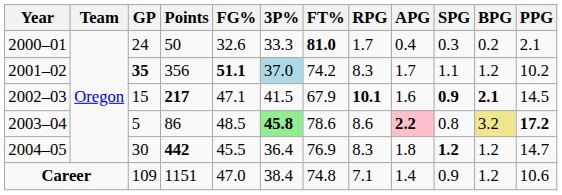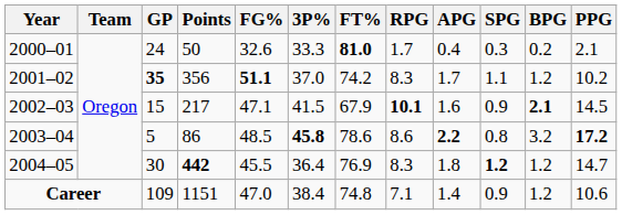 <table class="wikitable sortable">
 <tr>
 <th>Year</th>
 <th>Team</th>
 <th>GP</th>
 <th>Points</th>
 <th>FG%</th>
 <th>3P%</th>
 <th>FT%</th>
 <th>RPG</th>
 <th>APG</th>
 <th>SPG</th>
 <th>BPG</th>
 <th>PPG</th>
 </tr>
 <tr>
 <td>2000–01</td>
 <td rowspan=5><a href='#'>Oregon</a></td>
 <td>24</td>
 <td>50</td>
 <td>32.6</td>
 <td>33.3</td>
 <td><strong>81.0</strong></td>
 <td>1.7</td>
 <td>0.4</td>
 <td>0.3</td>
 <td>0.2</td>
 <td>2.1</td>
 </tr>
 <tr>
 <td>2001–02</td>
 <td><strong>35</strong></td>
 <td>356</td>
 <td><strong>51.1</strong></td>
-<td style="background: lightblue;">37.0</td>
+<td>37.0</td>
 <td>74.2</td>
 <td>8.3</td>
 <td>1.7</td>
 <td>1.1</td>
 <td>1.2</td>
 <td>10.2</td>
 </tr>
 <tr>
 <td>2002–03</td>
 <td>15</td>
-<td><strong>217</strong></td>
+<td>217</td>
 <td>47.1</td>
 <td>41.5</td>
 <td>67.9</td>
 <td><strong>10.1</strong></td>
 <td>1.6</td>
-<td><strong>0.9</strong></td>
+<td>0.9</td>
 <td><strong>2.1</strong></td>
 <td>14.5</td>
 </tr>
 <tr>
 <td>2003–04</td>
 <td>5</td>
 <td>86</td>
 <td>48.5</td>
-<td style="background: lightgreen;"><strong>45.8</strong></td>
+<td><strong>45.8</strong></td>
 <td>78.6</td>
 <td>8.6</td>
-<td style="background: pink;"><strong>2.2</strong></td>
+<td><strong>2.2</strong></td>
 <td>0.8</td>
-<td style="background: khaki;">3.2</td>
+<td>3.2</td>
 <td><strong>17.2</strong></td>
 </tr>
 <tr>
 <td>2004–05</td>
 <td>30</td>
 <td><strong>442</strong></td>
 <td>45.5</td>
 <td>36.4</td>
 <td>76.9</td>
 <td>8.3</td>
 <td>1.8</td>
 <td><strong>1.2</strong></td>
 <td>1.2</td>
 <td>14.7</td>
 </tr>
 <tr class="sortbottom">
 <td colspan=2 align=center><strong>Career</strong></td>
 <td>109</td>
 <td>1151</td>
 <td>47.0</td>
 <td>38.4</td>
 <td>74.8</td>
 <td>7.1</td>
 <td>1.4</td>
 <td>0.9</td>
 <td>1.2</td>
 <td>10.6</td>
 </tr>
 </table>
